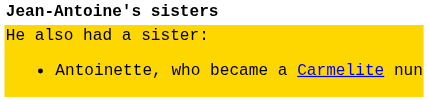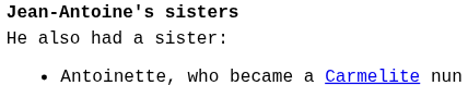 <table>
 <tr>
 <th align="left">Jean-Antoine's sisters</th>
 </tr>
 <tr>
-<td style="background: gold;">He also had a sister:<br><ul><li>Antoinette, who became a <a href='#'>Carmelite</a> nun</li></ul></td>
+<td>He also had a sister:<br><ul><li>Antoinette, who became a <a href='#'>Carmelite</a> nun</li></ul></td>
 </tr>
 </table>
